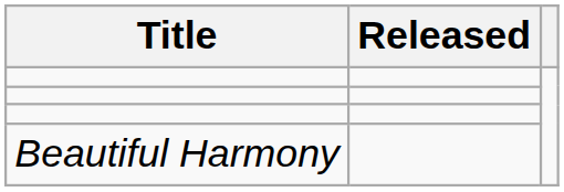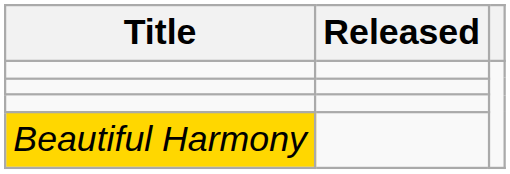 <table class="wikitable">
 <tr>
 <th>Title</th>
 <th>Released</th>
 <th></th>
 </tr>
 <tr>
 <td></td>
 <td></td>
 <td rowspan="4" align="center"></td>
 </tr>
 <tr>
 <td></td>
 <td></td>
 </tr>
 <tr>
 <td></td>
 <td></td>
 </tr>
 <tr>
-<td><em>Beautiful Harmony</em></td>
+<td style="background: gold;"><em>Beautiful Harmony</em></td>
 <td></td>
 </tr>
 </table>
